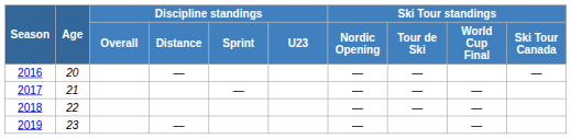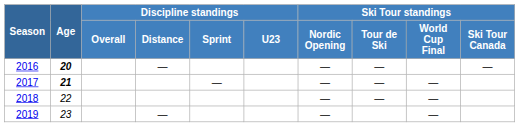 <table class="wikitable" style="font-size:95%; text-align:center; border:grey solid 1px; border-collapse:collapse; background:#ffffff;">
 <tr>
 <th style="background-color:#369; color:white; width:60px;" rowspan="2"> Season </th>
 <th style="background-color:#369; color:white; width:40px;" rowspan="2"> Age </th>
 <th style="background-color:#4180be; color:white;" colspan="4">Discipline standings</th>
 <th style="background-color:#4180be; color:white;" colspan="4">Ski Tour standings</th>
 </tr>
 <tr>
 <th style="background-color:#4180be; color:white; width:75px;">Overall</th>
 <th style="background-color:#4180be; color:white; width:75px;">Distance</th>
 <th style="background-color:#4180be; color:white; width:75px;">Sprint</th>
 <th style="background-color:#4180be; color:white; width:75px;">U23</th>
 <th style="background-color:#4180be; color:white; width:75px;">Nordic<br>Opening</th>
 <th style="background-color:#4180be; color:white; width:75px;">Tour de<br>Ski</th>
 <th style="background-color:#4180be; color:white; width:75px;">World Cup<br>Final</th>
 <th style="background-color:#4180be; color:white; width:75px;">Ski Tour<br>Canada</th>
 </tr>
 <tr>
 <td><a href='#'>2016</a></td>
-<td><em>20</em></td>
+<td><strong><em>20</em></strong></td>
 <td></td>
 <td>—</td>
 <td></td>
 <td></td>
 <td>—</td>
 <td>—</td>
 <td></td>
 <td>—</td>
 </tr>
 <tr>
 <td><a href='#'>2017</a></td>
-<td><em>21</em></td>
+<td><strong><em>21</em></strong></td>
 <td></td>
 <td></td>
 <td>—</td>
 <td></td>
 <td>—</td>
 <td>—</td>
 <td>—</td>
 <td></td>
 </tr>
 <tr>
 <td><a href='#'>2018</a></td>
 <td><em>22</em></td>
 <td></td>
 <td></td>
 <td></td>
 <td></td>
 <td>—</td>
 <td>—</td>
 <td>—</td>
 <td></td>
 </tr>
 <tr>
 <td><a href='#'>2019</a></td>
 <td><em>23</em></td>
 <td></td>
 <td>—</td>
 <td></td>
 <td></td>
 <td>—</td>
 <td></td>
 <td>—</td>
 <td></td>
 </tr>
 </table>
